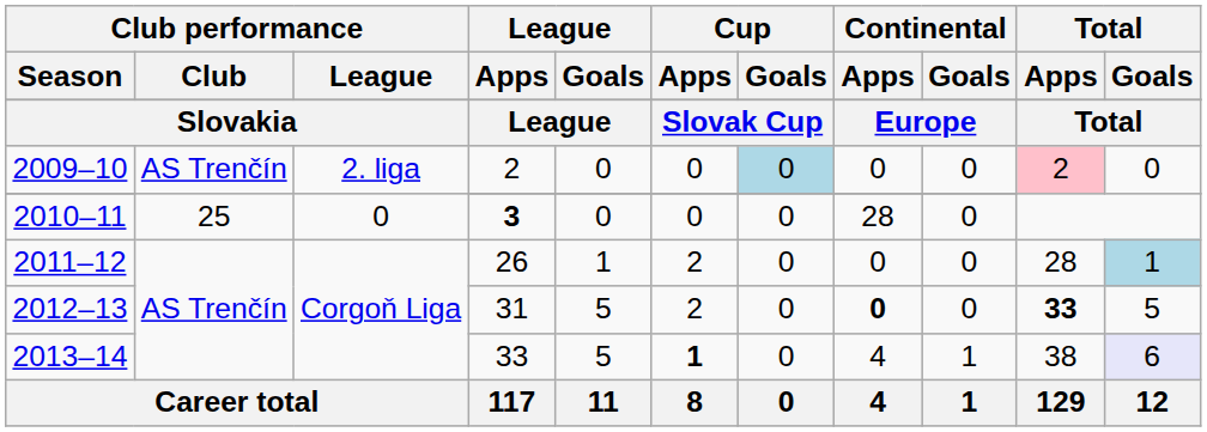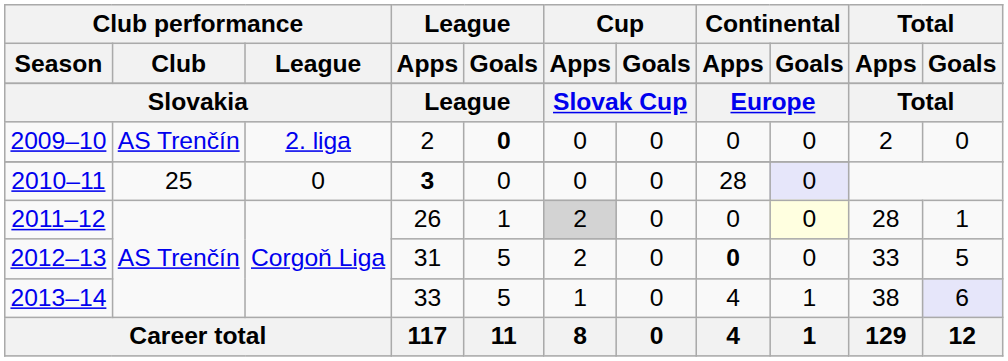 <table class="wikitable" style="text-align:center">
 <tr>
 <th colspan=3>Club performance</th>
 <th colspan=2>League</th>
 <th colspan=2>Cup</th>
 <th colspan=2>Continental</th>
 <th colspan=2>Total</th>
 </tr>
 <tr>
 <th>Season</th>
 <th>Club</th>
 <th>League</th>
 <th>Apps</th>
 <th>Goals</th>
 <th>Apps</th>
 <th>Goals</th>
 <th>Apps</th>
 <th>Goals</th>
 <th>Apps</th>
 <th>Goals</th>
 </tr>
 <tr>
 </tr>
 <tr>
 <th colspan=3>Slovakia</th>
 <th colspan=2>League</th>
 <th colspan=2><a href='#'>Slovak Cup</a></th>
 <th colspan=2><a href='#'>Europe</a></th>
 <th colspan=2>Total</th>
 </tr>
 <tr>
 <td><a href='#'>2009–10</a></td>
 <td rowspan="2"><a href='#'>AS Trenčín</a></td>
 <td rowspan="2"><a href='#'>2. liga</a></td>
 <td>2</td>
+<td><strong>0</strong></td>
 <td>0</td>
 <td>0</td>
-<td style="background: lightblue;">0</td>
 <td>0</td>
 <td>0</td>
-<td style="background: pink;">2</td>
+<td>2</td>
 <td>0</td>
 </tr>
 <tr>
 </tr>
 <tr>
 <td><a href='#'>2010–11</a></td>
 <td>25</td>
 <td>0</td>
 <td><strong>3</strong></td>
 <td>0</td>
 <td>0</td>
 <td>0</td>
 <td>28</td>
-<td>0</td>
+<td style="background: lavender;">0</td>
 </tr>
 <tr>
 <td><a href='#'>2011–12</a></td>
 <td rowspan="3"><a href='#'>AS Trenčín</a></td>
 <td rowspan="3"><a href='#'>Corgoň Liga</a></td>
 <td>26</td>
 <td>1</td>
-<td>2</td>
+<td style="background: lightgrey;">2</td>
 <td>0</td>
 <td>0</td>
-<td>0</td>
+<td style="background: lightyellow;">0</td>
 <td>28</td>
-<td style="background: lightblue;">1</td>
+<td>1</td>
 </tr>
 <tr>
 <td><a href='#'>2012–13</a></td>
 <td>31</td>
 <td>5</td>
 <td>2</td>
 <td>0</td>
 <td><strong>0</strong></td>
 <td>0</td>
-<td><strong>33</strong></td>
+<td>33</td>
 <td>5</td>
 </tr>
 <tr>
 <td><a href='#'>2013–14</a></td>
 <td>33</td>
 <td>5</td>
-<td><strong>1</strong></td>
+<td>1</td>
 <td>0</td>
 <td>4</td>
 <td>1</td>
 <td>38</td>
 <td style="background: lavender;">6</td>
 </tr>
 <tr>
 <th colspan=3>Career total</th>
 <th>117</th>
 <th>11</th>
 <th>8</th>
 <th>0</th>
 <th>4</th>
 <th>1</th>
 <th>129</th>
 <th>12</th>
 </tr>
 </table>
